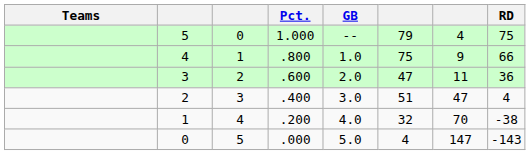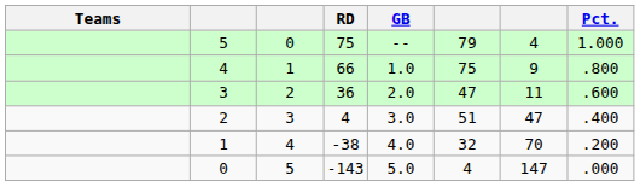 <table class="wikitable" style="text-align:center;">
 <tr>
 <th width="150px">Teams</th>
 <th width="50px"></th>
 <th width="50px"></th>
-<th width="50px"><a href='#'>Pct.</a></th>
+<th>RD</th>
 <th width="50px"><a href='#'>GB</a></th>
 <th width="50px"></th>
 <th width="50px"></th>
-<th>RD</th>
+<th width="50px"><a href='#'>Pct.</a></th>
 </tr>
 <tr style="background-color:#ccffcc">
 <td align="left"></td>
 <td>5</td>
 <td>0</td>
-<td>1.000</td>
+<td>75</td>
 <td>--</td>
 <td>79</td>
 <td>4</td>
-<td>75</td>
+<td>1.000</td>
 </tr>
 <tr style="background-color:#ccffcc">
 <td align="left"></td>
 <td>4</td>
 <td>1</td>
-<td>.800</td>
+<td>66</td>
 <td>1.0</td>
 <td>75</td>
 <td>9</td>
-<td>66</td>
+<td>.800</td>
 </tr>
 <tr style="background-color:#ccffcc">
 <td align="left"></td>
 <td>3</td>
 <td>2</td>
-<td>.600</td>
+<td>36</td>
 <td>2.0</td>
 <td>47</td>
 <td>11</td>
-<td>36</td>
+<td>.600</td>
 </tr>
 <tr style="background-color:">
 <td align="left"></td>
 <td>2</td>
 <td>3</td>
-<td>.400</td>
+<td>4</td>
 <td>3.0</td>
 <td>51</td>
 <td>47</td>
-<td>4</td>
+<td>.400</td>
 </tr>
 <tr style="background-color:">
 <td align="left"></td>
 <td>1</td>
 <td>4</td>
-<td>.200</td>
+<td>-38</td>
 <td>4.0</td>
 <td>32</td>
 <td>70</td>
-<td>-38</td>
+<td>.200</td>
 </tr>
 <tr style="background-color:">
 <td align="left"></td>
 <td>0</td>
 <td>5</td>
-<td>.000</td>
+<td>-143</td>
 <td>5.0</td>
 <td>4</td>
 <td>147</td>
-<td>-143</td>
+<td>.000</td>
 </tr>
 </table>
